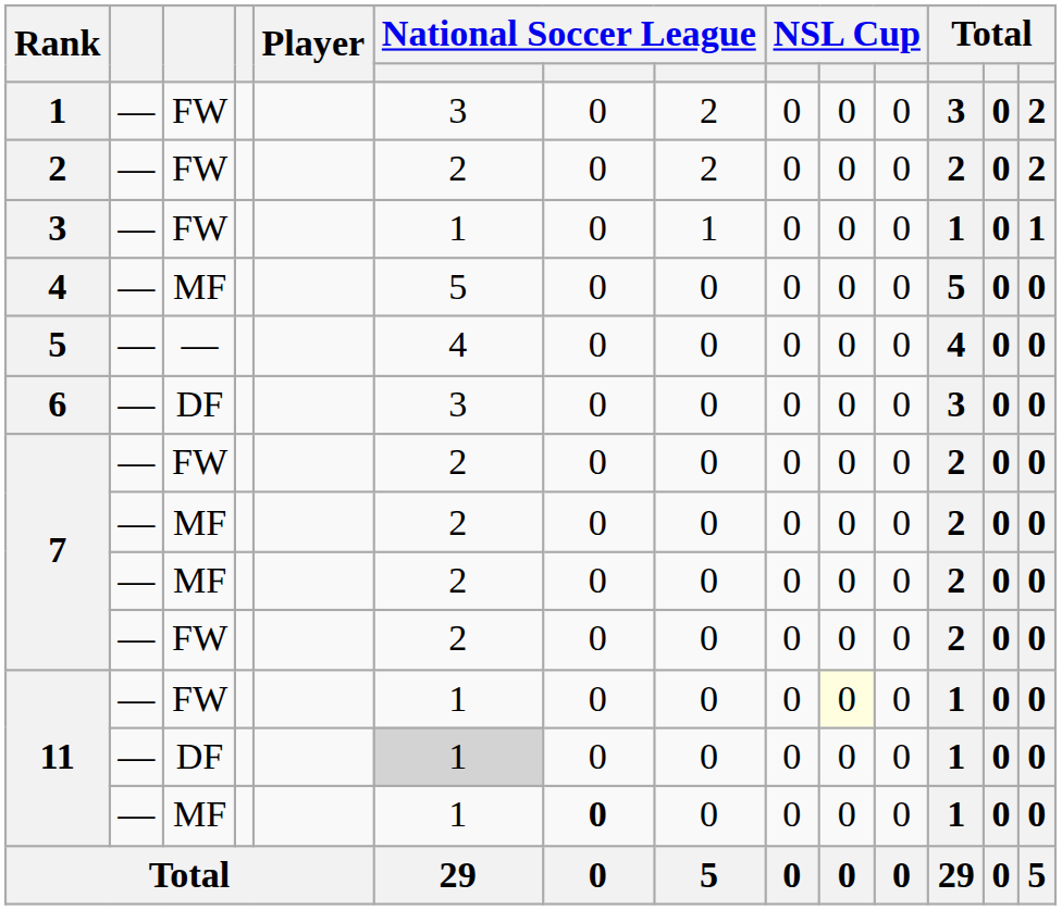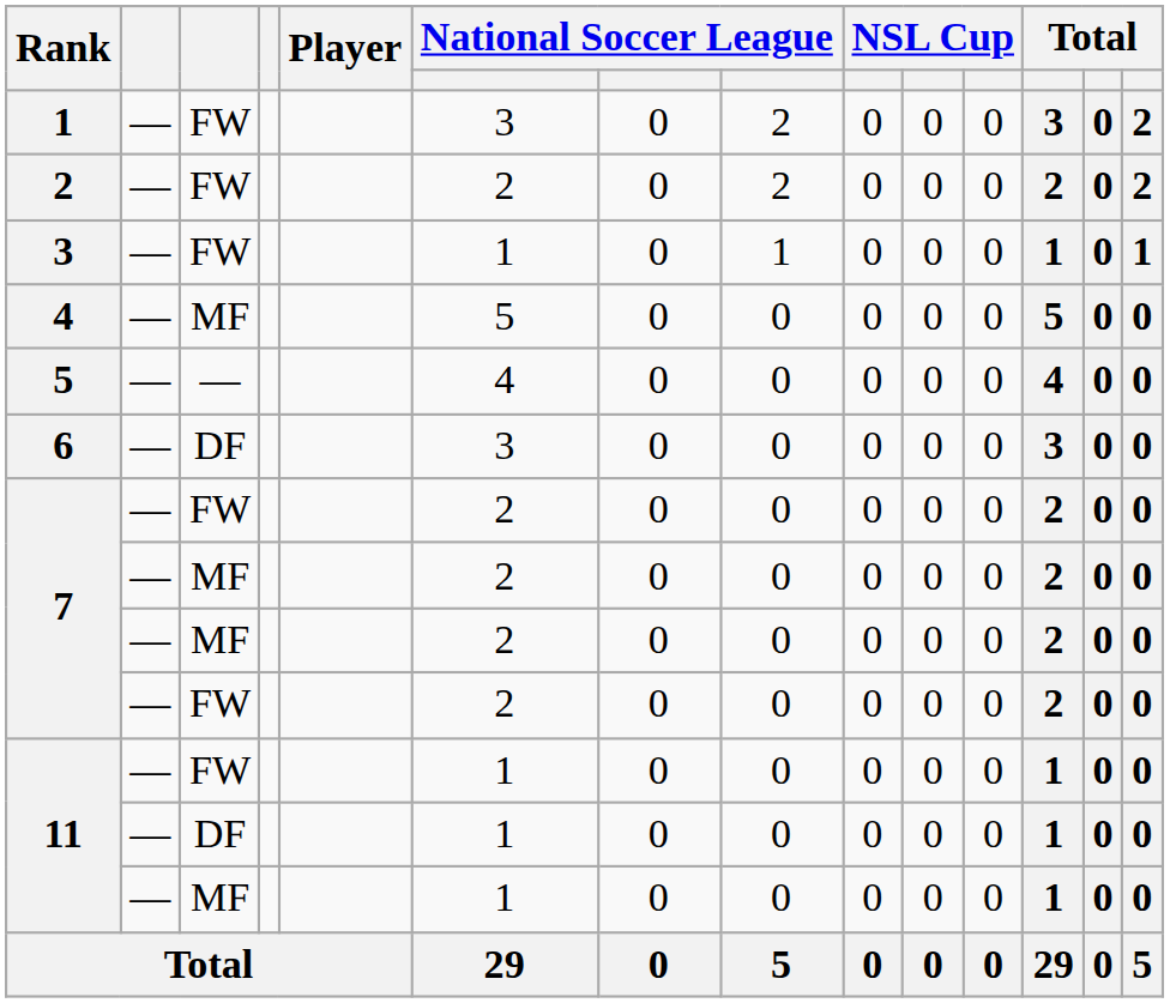 <table class="wikitable sortable" style="text-align:center">
 <tr>
 <th rowspan="2">Rank</th>
 <th rowspan="2"></th>
 <th rowspan="2"></th>
 <th rowspan="2"></th>
 <th rowspan="2">Player</th>
 <th colspan="3"><a href='#'>National Soccer League</a></th>
 <th colspan="3"><a href='#'>NSL Cup</a></th>
 <th colspan="3">Total</th>
 </tr>
 <tr>
 <th></th>
 <th></th>
 <th></th>
 <th></th>
 <th></th>
 <th></th>
 <th></th>
 <th></th>
 <th></th>
 </tr>
 <tr>
 <th>1</th>
 <td>—</td>
 <td>FW</td>
 <td></td>
 <td align="left"><br></td>
 <td>3</td>
 <td>0</td>
 <td>2<br></td>
 <td>0</td>
 <td>0</td>
 <td>0<br></td>
 <th>3</th>
 <th>0</th>
 <th>2</th>
 </tr>
 <tr>
 <th>2</th>
 <td>—</td>
 <td>FW</td>
 <td></td>
 <td align="left"><br></td>
 <td>2</td>
 <td>0</td>
 <td>2<br></td>
 <td>0</td>
 <td>0</td>
 <td>0<br></td>
 <th>2</th>
 <th>0</th>
 <th>2</th>
 </tr>
 <tr>
 <th>3</th>
 <td>—</td>
 <td>FW</td>
 <td></td>
 <td align="left"><br></td>
 <td>1</td>
 <td>0</td>
 <td>1<br></td>
 <td>0</td>
 <td>0</td>
 <td>0<br></td>
 <th>1</th>
 <th>0</th>
 <th>1</th>
 </tr>
 <tr>
 <th>4</th>
 <td>—</td>
 <td>MF</td>
 <td></td>
 <td align="left"><br></td>
 <td>5</td>
 <td>0</td>
 <td>0<br></td>
 <td>0</td>
 <td>0</td>
 <td>0<br></td>
 <th>5</th>
 <th>0</th>
 <th>0</th>
 </tr>
 <tr>
 <th>5</th>
 <td>—</td>
 <td>—</td>
 <td></td>
 <td align="left"><br></td>
 <td>4</td>
 <td>0</td>
 <td>0<br></td>
 <td>0</td>
 <td>0</td>
 <td>0<br></td>
 <th>4</th>
 <th>0</th>
 <th>0</th>
 </tr>
 <tr>
 <th>6</th>
 <td>—</td>
 <td>DF</td>
 <td></td>
 <td align="left"><br></td>
 <td>3</td>
 <td>0</td>
 <td>0<br></td>
 <td>0</td>
 <td>0</td>
 <td>0<br></td>
 <th>3</th>
 <th>0</th>
 <th>0</th>
 </tr>
 <tr>
 <th rowspan="4">7</th>
 <td>—</td>
 <td>FW</td>
 <td></td>
 <td align="left"><br></td>
 <td>2</td>
 <td>0</td>
 <td>0<br></td>
 <td>0</td>
 <td>0</td>
 <td>0<br></td>
 <th>2</th>
 <th>0</th>
 <th>0</th>
 </tr>
 <tr>
 <td>—</td>
 <td>MF</td>
 <td></td>
 <td align="left"><br></td>
 <td>2</td>
 <td>0</td>
 <td>0<br></td>
 <td>0</td>
 <td>0</td>
 <td>0<br></td>
 <th>2</th>
 <th>0</th>
 <th>0</th>
 </tr>
 <tr>
 <td>—</td>
 <td>MF</td>
 <td></td>
 <td align="left"><br></td>
 <td>2</td>
 <td>0</td>
 <td>0<br></td>
 <td>0</td>
 <td>0</td>
 <td>0<br></td>
 <th>2</th>
 <th>0</th>
 <th>0</th>
 </tr>
 <tr>
 <td>—</td>
 <td>FW</td>
 <td></td>
 <td align="left"><br></td>
 <td>2</td>
 <td>0</td>
 <td>0<br></td>
 <td>0</td>
 <td>0</td>
 <td>0<br></td>
 <th>2</th>
 <th>0</th>
 <th>0</th>
 </tr>
 <tr>
 <th rowspan="3">11</th>
 <td>—</td>
 <td>FW</td>
 <td></td>
 <td align="left"><br></td>
 <td>1</td>
 <td>0</td>
 <td>0<br></td>
 <td>0</td>
-<td style="background: lightyellow;">0</td>
+<td>0</td>
 <td>0<br></td>
 <th>1</th>
 <th>0</th>
 <th>0</th>
 </tr>
 <tr>
 <td>—</td>
 <td>DF</td>
 <td></td>
 <td align="left"><br></td>
-<td style="background: lightgrey;">1</td>
+<td>1</td>
 <td>0</td>
 <td>0<br></td>
 <td>0</td>
 <td>0</td>
 <td>0<br></td>
 <th>1</th>
 <th>0</th>
 <th>0</th>
 </tr>
 <tr>
 <td>—</td>
 <td>MF</td>
 <td></td>
 <td align="left"><br></td>
 <td>1</td>
-<td><strong>0</strong></td>
+<td>0</td>
 <td>0<br></td>
 <td>0</td>
 <td>0</td>
 <td>0<br></td>
 <th>1</th>
 <th>0</th>
 <th>0</th>
 </tr>
 <tr>
 <th colspan="5">Total<br></th>
 <th>29</th>
 <th>0</th>
 <th>5<br></th>
 <th>0</th>
 <th>0</th>
 <th>0<br></th>
 <th>29</th>
 <th>0</th>
 <th>5</th>
 </tr>
 </table>
